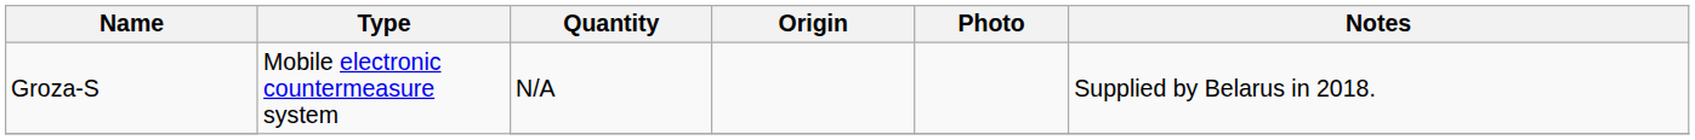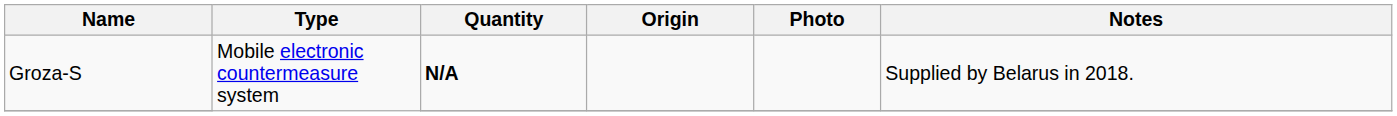 <table class="wikitable" style="width:90%;">
 <tr>
 <th style="width:15%;">Name</th>
 <th style="width:15%;">Type</th>
 <th style="width:12%;">Quantity</th>
 <th style="width:12%;">Origin</th>
 <th>Photo</th>
 <th>Notes</th>
 </tr>
 <tr>
 <td>Groza-S</td>
 <td rowspan="2">Mobile <a href='#'>electronic countermeasure</a> system</td>
-<td>N/A</td>
+<td><strong>N/A</strong></td>
 <td></td>
 <td></td>
 <td>Supplied by Belarus in 2018.</td>
 </tr>
 <tr>
 </tr>
 </table>
